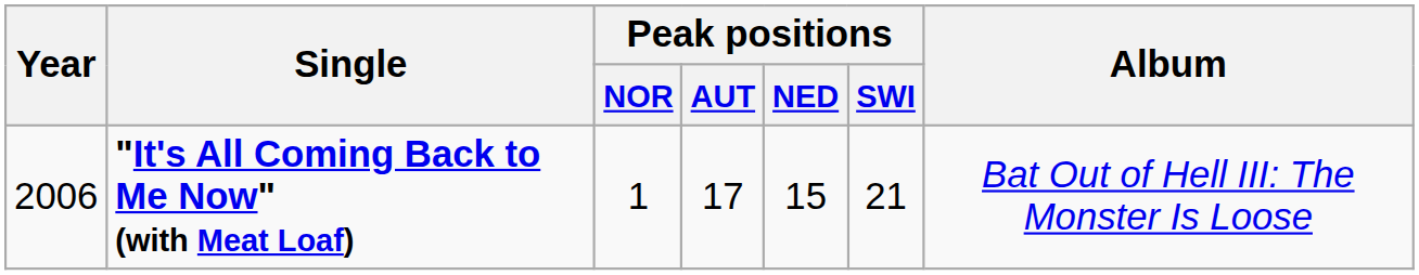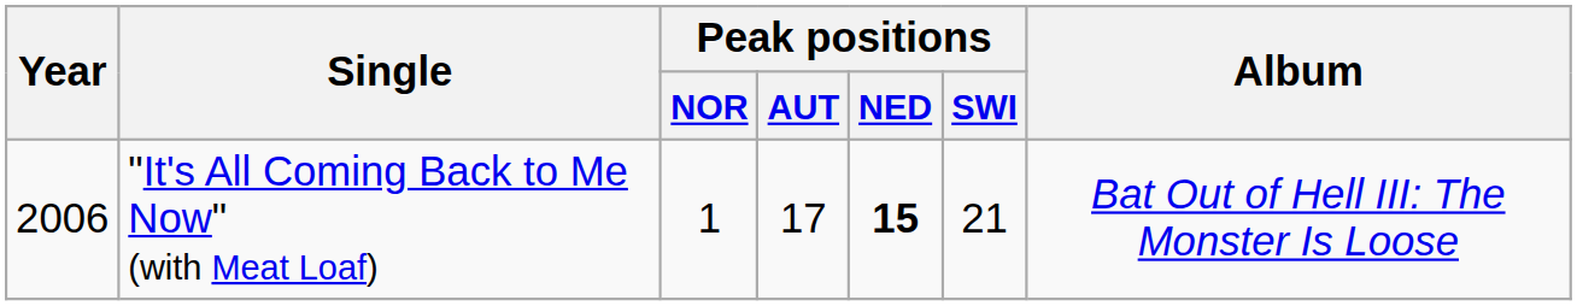 <table class="wikitable">
 <tr>
 <th rowspan="2" style="text-align:center; width:10px;">Year</th>
 <th rowspan="2" style="text-align:center; width:200px;">Single</th>
 <th colspan="4" style="text-align:center; width:20px;">Peak positions</th>
 <th rowspan="2" style="text-align:center; width:200px;">Album</th>
 </tr>
 <tr>
 <th width="25"><small><a href='#'>NOR</a><br></small></th>
 <th width="25"><small><a href='#'>AUT</a></small></th>
 <th width="25"><small><a href='#'>NED</a></small></th>
 <th width="25"><small><a href='#'>SWI</a></small></th>
 </tr>
 <tr>
 <td>2006</td>
-<td><strong>"<a href='#'>It's All Coming Back to Me Now</a>" <br><small>(with <a href='#'>Meat Loaf</a>)</small></strong></td>
+<td>"<a href='#'>It's All Coming Back to Me Now</a>" <br><small>(with <a href='#'>Meat Loaf</a>)</small></td>
 <td style="text-align:center;">1</td>
 <td style="text-align:center;">17</td>
-<td style="text-align:center;">15</td>
+<td style="text-align:center;"><strong>15</strong></td>
 <td style="text-align:center;">21</td>
 <td style="text-align:center;"><em><a href='#'>Bat Out of Hell III: The Monster Is Loose</a></em></td>
 </tr>
 </table>
